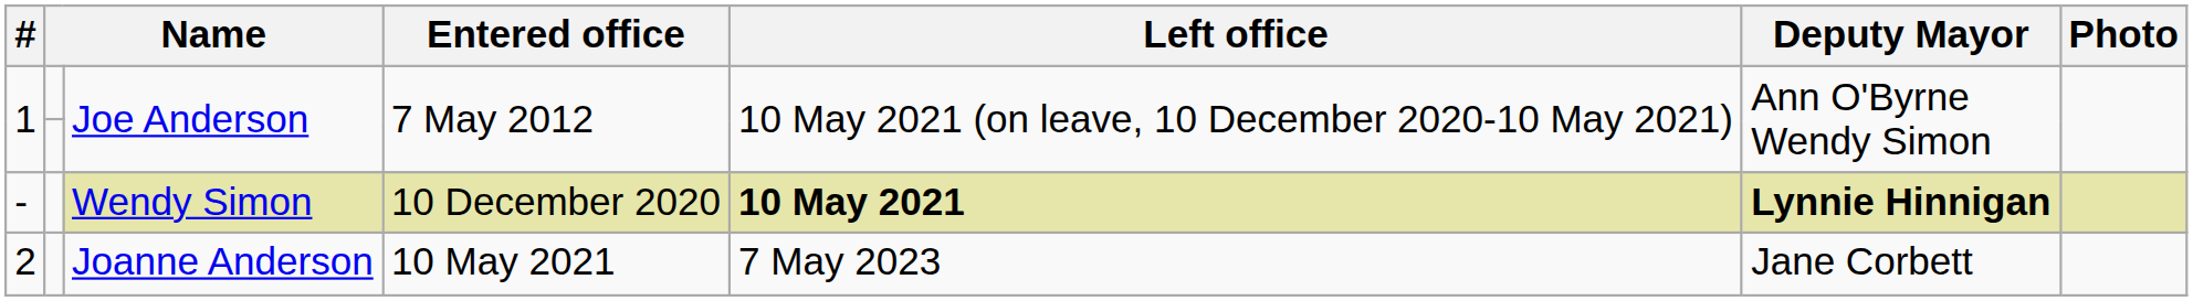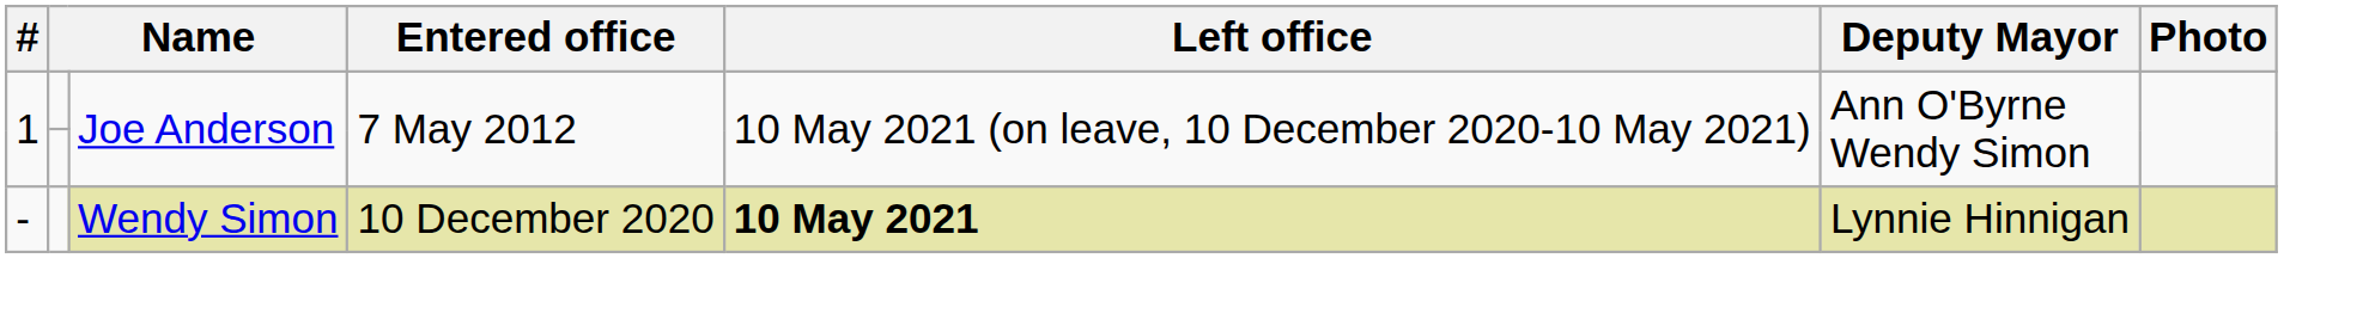 <table class="wikitable">
 <tr>
 <th>#</th>
 <th colspan=2>Name</th>
 <th>Entered office</th>
 <th>Left office</th>
 <th>Deputy Mayor</th>
 <th>Photo</th>
 </tr>
 <tr>
 <td rowspan=2>1</td>
 <td style="background-color: "></td>
 <td rowspan=2><a href='#'>Joe Anderson</a></td>
 <td rowspan=2>7 May 2012</td>
 <td rowspan=2>10 May 2021 (on leave, 10 December 2020-10 May 2021)</td>
 <td rowspan=2>Ann O'Byrne <br> Wendy Simon</td>
 <td rowspan=2></td>
 </tr>
 <tr>
 <td style="background-color: "></td>
 </tr>
 <tr>
 <td>-</td>
 <td style="background-color: "></td>
 <td bgcolor="#e6e6aa"><a href='#'>Wendy Simon</a></td>
 <td bgcolor="#e6e6aa">10 December 2020</td>
 <td bgcolor="#e6e6aa"><strong>10 May 2021</strong></td>
-<td bgcolor="#e6e6aa"><strong>Lynnie Hinnigan</strong></td>
+<td bgcolor="#e6e6aa">Lynnie Hinnigan</td>
 <td bgcolor="#e6e6aa"></td>
 </tr>
-<tr>
-<td>2</td>
-<td style="background-color: "></td>
-<td><a href='#'>Joanne Anderson</a></td>
-<td>10 May 2021</td>
-<td>7 May 2023</td>
-<td>Jane Corbett</td>
-<td></td>
-</tr>
 </table>
